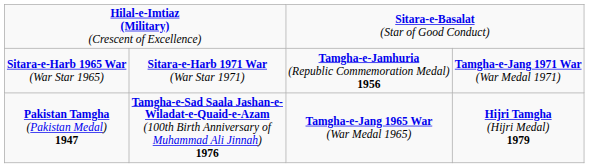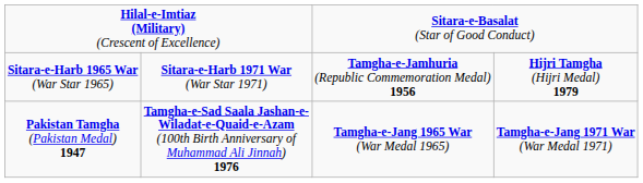 <table class="wikitable" style="margin:1em auto; text-align:center;">
 <tr>
 <td colspan="2"><a href='#'><strong>Hilal-e-Imtiaz</strong></a><br><strong><a href='#'>(Military)</a></strong><br><em>(Crescent of Excellence)</em></td>
 <td colspan="2"><strong><a href='#'>Sitara-e-Basalat</a></strong><br><em>(Star of Good Conduct)</em></td>
 </tr>
 <tr>
 <td><strong><a href='#'>Sitara-e-Harb 1965 War</a></strong><br><em>(War Star 1965)</em></td>
 <td><strong><a href='#'>Sitara-e-Harb 1971 War</a></strong><br><em>(War Star 1971)</em></td>
 <td><strong><a href='#'>Tamgha-e-Jamhuria</a></strong><br><em>(Republic Commemoration Medal)</em><br><strong>1956</strong></td>
-<td><strong><a href='#'>Tamgha-e-Jang 1971 War</a></strong><br><em>(War Medal 1971)</em></td>
+<td><strong><a href='#'>Hijri Tamgha</a></strong><br><em>(Hijri Medal)</em><br><strong>1979</strong></td>
 </tr>
 <tr>
 <td><strong><a href='#'>Pakistan Tamgha</a></strong><br><em>(<a href='#'>Pakistan Medal</a>)</em><br><strong>1947</strong></td>
 <td><strong><a href='#'>Tamgha-e-Sad Saala Jashan-e-</a></strong><br><strong><a href='#'>Wiladat-e-Quaid-e-Azam</a></strong><br><em>(100th Birth Anniversary of</em><br><em><a href='#'>Muhammad Ali Jinnah</a>)</em><br><strong>1976</strong></td>
 <td><strong><a href='#'>Tamgha-e-Jang 1965 War</a></strong><br><em>(War Medal 1965)</em></td>
-<td><strong><a href='#'>Hijri Tamgha</a></strong><br><em>(Hijri Medal)</em><br><strong>1979</strong></td>
+<td><strong><a href='#'>Tamgha-e-Jang 1971 War</a></strong><br><em>(War Medal 1971)</em></td>
 </tr>
 </table>
